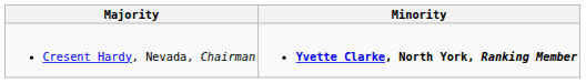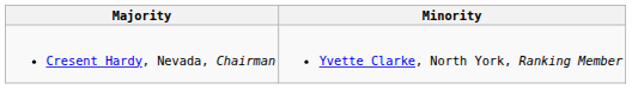 <table class=wikitable>
 <tr>
 <th>Majority</th>
 <th>Minority</th>
 </tr>
 <tr>
 <td><br><ul><li><a href='#'>Cresent Hardy</a>, Nevada, <em>Chairman</em></li></ul></td>
-<td><strong><br><ul><li><a href='#'>Yvette Clarke</a>, North York, <em>Ranking Member</em></li></ul></strong></td>
+<td><br><ul><li><a href='#'>Yvette Clarke</a>, North York, <em>Ranking Member</em></li></ul></td>
 </tr>
 </table>
